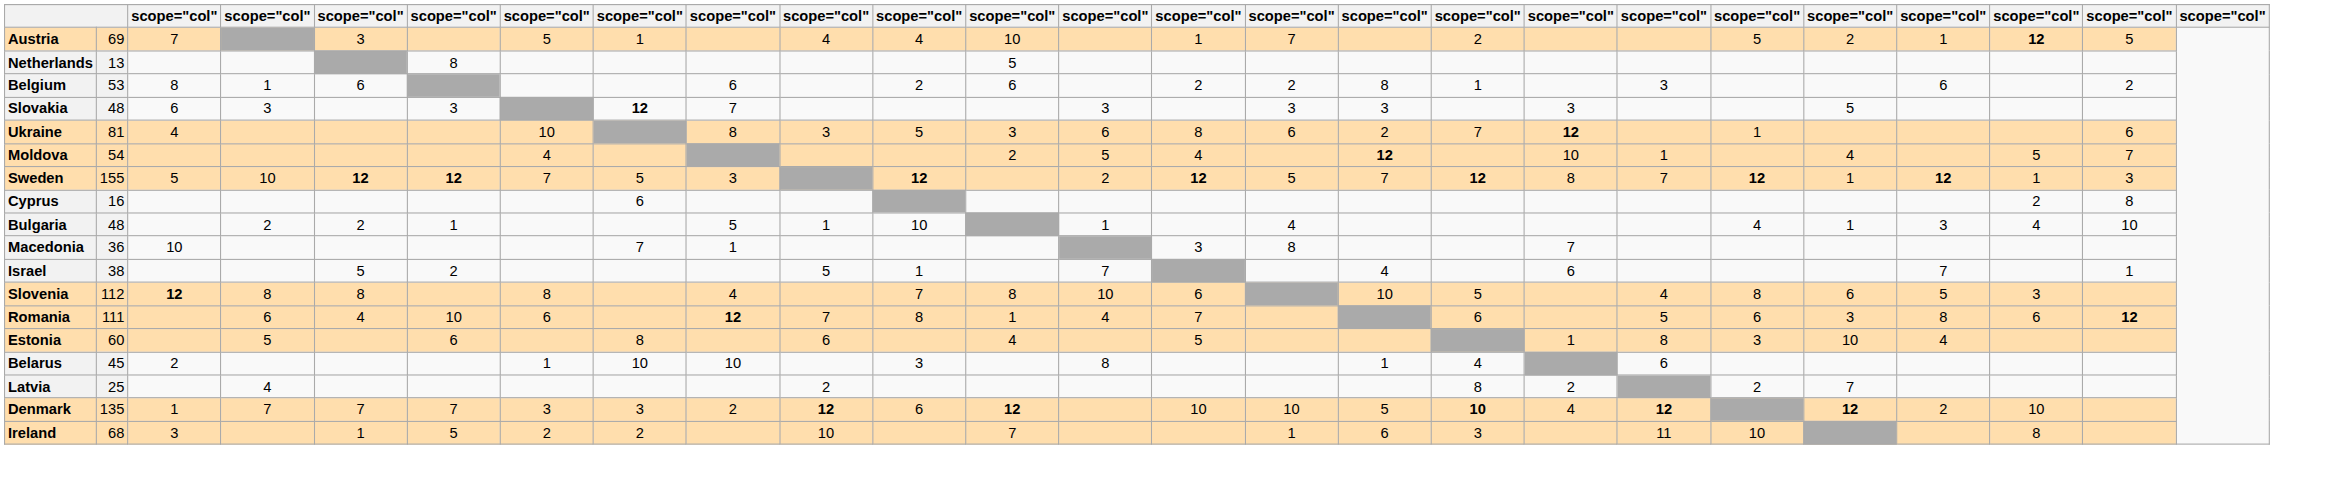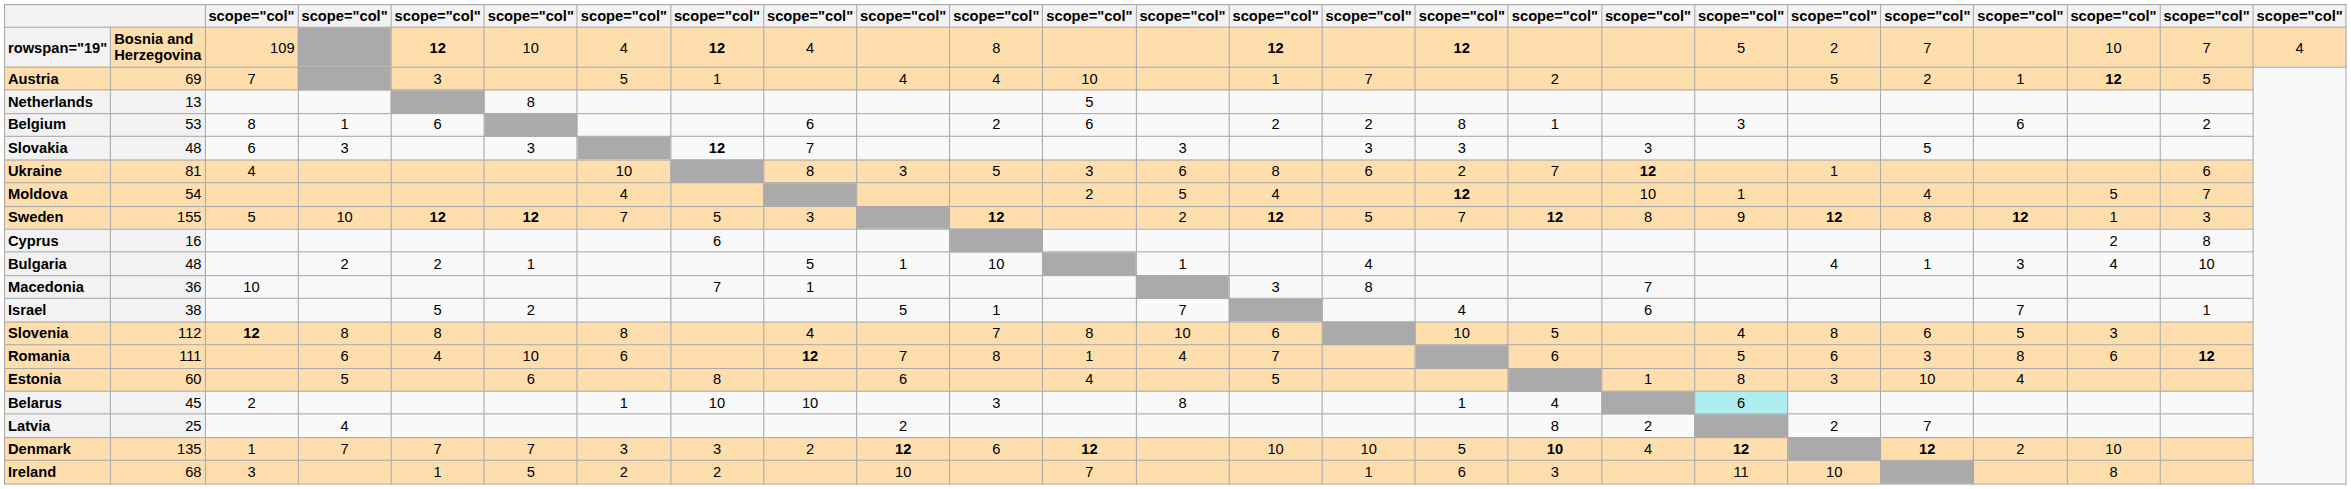 <table class="wikitable plainrowheaders" style="text-align:center; font-size:85%;">
 <tr>
 </tr>
 <tr>
 <th colspan="2"></th>
 <th>scope="col" </th>
 <th>scope="col" </th>
 <th>scope="col" </th>
 <th>scope="col" </th>
 <th>scope="col" </th>
 <th>scope="col" </th>
 <th>scope="col" </th>
 <th>scope="col" </th>
 <th>scope="col" </th>
 <th>scope="col" </th>
 <th>scope="col" </th>
 <th>scope="col" </th>
 <th>scope="col" </th>
 <th>scope="col" </th>
 <th>scope="col" </th>
 <th>scope="col" </th>
 <th>scope="col" </th>
 <th>scope="col" </th>
 <th>scope="col" </th>
 <th>scope="col" </th>
 <th>scope="col" </th>
 <th>scope="col" </th>
 <th>scope="col" </th>
+</tr>
+<tr style="background:#ffdead;">
+<th>rowspan="19" </th>
+<th scope="row" style="text-align:left; font-weight:bold; background:#ffdead;">Bosnia and Herzegovina</th>
+<td style="text-align:right;">109</td>
+<td style="text-align:left; background:#aaa;"></td>
+<td><strong>12</strong></td>
+<td>10</td>
+<td>4</td>
+<td><strong>12</strong></td>
+<td>4</td>
+<td></td>
+<td>8</td>
+<td></td>
+<td></td>
+<td><strong>12</strong></td>
+<td></td>
+<td><strong>12</strong></td>
+<td></td>
+<td></td>
+<td>5</td>
+<td>2</td>
+<td>7</td>
+<td></td>
+<td>10</td>
+<td>7</td>
+<td>4</td>
 </tr>
 <tr style="background:#ffdead;">
 <th scope="row" style="text-align:left; font-weight:bold; background:#ffdead;">Austria</th>
 <td style="text-align:right;">69</td>
 <td>7</td>
 <td style="text-align:left; background:#aaa;"></td>
 <td>3</td>
 <td></td>
 <td>5</td>
 <td>1</td>
 <td></td>
 <td>4</td>
 <td>4</td>
 <td>10</td>
 <td></td>
 <td>1</td>
 <td>7</td>
 <td></td>
 <td>2</td>
 <td></td>
 <td></td>
 <td>5</td>
 <td>2</td>
 <td>1</td>
 <td><strong>12</strong></td>
 <td>5</td>
 </tr>
 <tr>
 <th scope="row" style="text-align:left; background:#f2f2f2;">Netherlands</th>
 <td style="text-align:right; background:#f2f2f2;">13</td>
 <td></td>
 <td></td>
 <td style="text-align:left; background:#aaa;"></td>
 <td>8</td>
 <td></td>
 <td></td>
 <td></td>
 <td></td>
 <td></td>
 <td>5</td>
 <td></td>
 <td></td>
 <td></td>
 <td></td>
 <td></td>
 <td></td>
 <td></td>
 <td></td>
 <td></td>
 <td></td>
 <td></td>
 <td></td>
 </tr>
 <tr>
 <th scope="row" style="text-align:left; background:#f2f2f2;">Belgium</th>
 <td style="text-align:right; background:#f2f2f2;">53</td>
 <td>8</td>
 <td>1</td>
 <td>6</td>
 <td style="text-align:left; background:#aaa;"></td>
 <td></td>
 <td></td>
 <td>6</td>
 <td></td>
 <td>2</td>
 <td>6</td>
 <td></td>
 <td>2</td>
 <td>2</td>
 <td>8</td>
 <td>1</td>
 <td></td>
 <td>3</td>
 <td></td>
 <td></td>
 <td>6</td>
 <td></td>
 <td>2</td>
 </tr>
 <tr>
 <th scope="row" style="text-align:left; background:#f2f2f2;">Slovakia</th>
 <td style="text-align:right; background:#f2f2f2;">48</td>
 <td>6</td>
 <td>3</td>
 <td></td>
 <td>3</td>
 <td style="text-align:left; background:#aaa;"></td>
 <td><strong>12</strong></td>
 <td>7</td>
 <td></td>
 <td></td>
 <td></td>
 <td>3</td>
 <td></td>
 <td>3</td>
 <td>3</td>
 <td></td>
 <td>3</td>
 <td></td>
 <td></td>
 <td>5</td>
 <td></td>
 <td></td>
 <td></td>
 </tr>
 <tr style="background:#ffdead;">
 <th scope="row" style="text-align:left; font-weight:bold; background:#ffdead;">Ukraine</th>
 <td style="text-align:right;">81</td>
 <td>4</td>
 <td></td>
 <td></td>
 <td></td>
 <td>10</td>
 <td style="text-align:left; background:#aaa;"></td>
 <td>8</td>
 <td>3</td>
 <td>5</td>
 <td>3</td>
 <td>6</td>
 <td>8</td>
 <td>6</td>
 <td>2</td>
 <td>7</td>
 <td><strong>12</strong></td>
 <td></td>
 <td>1</td>
 <td></td>
 <td></td>
 <td></td>
 <td>6</td>
 </tr>
 <tr style="background:#ffdead;">
 <th scope="row" style="text-align:left; font-weight:bold; background:#ffdead;">Moldova</th>
 <td style="text-align:right;">54</td>
 <td></td>
 <td></td>
 <td></td>
 <td></td>
 <td>4</td>
 <td></td>
 <td style="text-align:left; background:#aaa;"></td>
 <td></td>
 <td></td>
 <td>2</td>
 <td>5</td>
 <td>4</td>
 <td></td>
 <td><strong>12</strong></td>
 <td></td>
 <td>10</td>
 <td>1</td>
 <td></td>
 <td>4</td>
 <td></td>
 <td>5</td>
 <td>7</td>
 </tr>
 <tr style="background:#ffdead;">
 <th scope="row" style="text-align:left; font-weight:bold; background:#ffdead;">Sweden</th>
 <td style="text-align:right;">155</td>
 <td>5</td>
 <td>10</td>
 <td><strong>12</strong></td>
 <td><strong>12</strong></td>
 <td>7</td>
 <td>5</td>
 <td>3</td>
 <td style="text-align:left; background:#aaa;"></td>
 <td><strong>12</strong></td>
 <td></td>
 <td>2</td>
 <td><strong>12</strong></td>
 <td>5</td>
 <td>7</td>
 <td><strong>12</strong></td>
 <td>8</td>
-<td>7</td>
+<td>9</td>
 <td><strong>12</strong></td>
-<td>1</td>
+<td>8</td>
 <td><strong>12</strong></td>
 <td>1</td>
 <td>3</td>
 </tr>
 <tr>
 <th scope="row" style="text-align:left; background:#f2f2f2;">Cyprus</th>
 <td style="text-align:right; background:#f2f2f2;">16</td>
 <td></td>
 <td></td>
 <td></td>
 <td></td>
 <td></td>
 <td>6</td>
 <td></td>
 <td></td>
 <td style="text-align:left; background:#aaa;"></td>
 <td></td>
 <td></td>
 <td></td>
 <td></td>
 <td></td>
 <td></td>
 <td></td>
 <td></td>
 <td></td>
 <td></td>
 <td></td>
 <td>2</td>
 <td>8</td>
 </tr>
 <tr>
 <th scope="row" style="text-align:left; background:#f2f2f2;">Bulgaria</th>
 <td style="text-align:right; background:#f2f2f2;">48</td>
 <td></td>
 <td>2</td>
 <td>2</td>
 <td>1</td>
 <td></td>
 <td></td>
 <td>5</td>
 <td>1</td>
 <td>10</td>
 <td style="text-align:left; background:#aaa;"></td>
 <td>1</td>
 <td></td>
 <td>4</td>
 <td></td>
 <td></td>
 <td></td>
 <td></td>
 <td>4</td>
 <td>1</td>
 <td>3</td>
 <td>4</td>
 <td>10</td>
 </tr>
 <tr>
 <th scope="row" style="text-align:left; background:#f2f2f2;">Macedonia</th>
 <td style="text-align:right; background:#f2f2f2;">36</td>
 <td>10</td>
 <td></td>
 <td></td>
 <td></td>
 <td></td>
 <td>7</td>
 <td>1</td>
 <td></td>
 <td></td>
 <td></td>
 <td style="text-align:left; background:#aaa;"></td>
 <td>3</td>
 <td>8</td>
 <td></td>
 <td></td>
 <td>7</td>
 <td></td>
 <td></td>
 <td></td>
 <td></td>
 <td></td>
 <td></td>
 </tr>
 <tr>
 <th scope="row" style="text-align:left; background:#f2f2f2;">Israel</th>
 <td style="text-align:right; background:#f2f2f2;">38</td>
 <td></td>
 <td></td>
 <td>5</td>
 <td>2</td>
 <td></td>
 <td></td>
 <td></td>
 <td>5</td>
 <td>1</td>
 <td></td>
 <td>7</td>
 <td style="text-align:left; background:#aaa;"></td>
 <td></td>
 <td>4</td>
 <td></td>
 <td>6</td>
 <td></td>
 <td></td>
 <td></td>
 <td>7</td>
 <td></td>
 <td>1</td>
 </tr>
 <tr style="background:#ffdead;">
 <th scope="row" style="text-align:left; font-weight:bold; background:#ffdead;">Slovenia</th>
 <td style="text-align:right;">112</td>
 <td><strong>12</strong></td>
 <td>8</td>
 <td>8</td>
 <td></td>
 <td>8</td>
 <td></td>
 <td>4</td>
 <td></td>
 <td>7</td>
 <td>8</td>
 <td>10</td>
 <td>6</td>
 <td style="text-align:left; background:#aaa;"></td>
 <td>10</td>
 <td>5</td>
 <td></td>
 <td>4</td>
 <td>8</td>
 <td>6</td>
 <td>5</td>
 <td>3</td>
 <td></td>
 </tr>
 <tr style="background:#ffdead;">
 <th scope="row" style="text-align:left; font-weight:bold; background:#ffdead;">Romania</th>
 <td style="text-align:right;">111</td>
 <td></td>
 <td>6</td>
 <td>4</td>
 <td>10</td>
 <td>6</td>
 <td></td>
 <td><strong>12</strong></td>
 <td>7</td>
 <td>8</td>
 <td>1</td>
 <td>4</td>
 <td>7</td>
 <td></td>
 <td style="text-align:left; background:#aaa;"></td>
 <td>6</td>
 <td></td>
 <td>5</td>
 <td>6</td>
 <td>3</td>
 <td>8</td>
 <td>6</td>
 <td><strong>12</strong></td>
 </tr>
 <tr style="background:#ffdead;">
 <th scope="row" style="text-align:left; font-weight:bold; background:#ffdead;">Estonia</th>
 <td style="text-align:right;">60</td>
 <td></td>
 <td>5</td>
 <td></td>
 <td>6</td>
 <td></td>
 <td>8</td>
 <td></td>
 <td>6</td>
 <td></td>
 <td>4</td>
 <td></td>
 <td>5</td>
 <td></td>
 <td></td>
 <td style="text-align:left; background:#aaa;"></td>
 <td>1</td>
 <td>8</td>
 <td>3</td>
 <td>10</td>
 <td>4</td>
 <td></td>
 <td></td>
 </tr>
 <tr>
 <th scope="row" style="text-align:left; background:#f2f2f2;">Belarus</th>
 <td style="text-align:right; background:#f2f2f2;">45</td>
 <td>2</td>
 <td></td>
 <td></td>
 <td></td>
 <td>1</td>
 <td>10</td>
 <td>10</td>
 <td></td>
 <td>3</td>
 <td></td>
 <td>8</td>
 <td></td>
 <td></td>
 <td>1</td>
 <td>4</td>
 <td style="text-align:left; background:#aaa;"></td>
-<td>6</td>
+<td style="background: paleturquoise;">6</td>
 <td></td>
 <td></td>
 <td></td>
 <td></td>
 <td></td>
 </tr>
 <tr>
 <th scope="row" style="text-align:left; background:#f2f2f2;">Latvia</th>
 <td style="text-align:right; background:#f2f2f2;">25</td>
 <td></td>
 <td>4</td>
 <td></td>
 <td></td>
 <td></td>
 <td></td>
 <td></td>
 <td>2</td>
 <td></td>
 <td></td>
 <td></td>
 <td></td>
 <td></td>
 <td></td>
 <td>8</td>
 <td>2</td>
 <td style="text-align:left; background:#aaa;"></td>
 <td>2</td>
 <td>7</td>
 <td></td>
 <td></td>
 <td></td>
 </tr>
 <tr style="background:#ffdead;">
 <th scope="row" style="text-align:left; font-weight:bold; background:#ffdead;">Denmark</th>
 <td style="text-align:right;">135</td>
 <td>1</td>
 <td>7</td>
 <td>7</td>
 <td>7</td>
 <td>3</td>
 <td>3</td>
 <td>2</td>
 <td><strong>12</strong></td>
 <td>6</td>
 <td><strong>12</strong></td>
 <td></td>
 <td>10</td>
 <td>10</td>
 <td>5</td>
 <td><strong>10</strong></td>
 <td>4</td>
 <td><strong>12</strong></td>
 <td style="text-align:left; background:#aaa;"></td>
 <td><strong>12</strong></td>
 <td>2</td>
 <td>10</td>
 <td></td>
 </tr>
 <tr style="background:#ffdead;">
 <th scope="row" style="text-align:left; font-weight:bold; background:#ffdead;">Ireland</th>
 <td style="text-align:right;">68</td>
 <td>3</td>
 <td></td>
 <td>1</td>
 <td>5</td>
 <td>2</td>
 <td>2</td>
 <td></td>
 <td>10</td>
 <td></td>
 <td>7</td>
 <td></td>
 <td></td>
 <td>1</td>
 <td>6</td>
 <td>3</td>
 <td></td>
 <td>11</td>
 <td>10</td>
 <td style="text-align:left; background:#aaa;"></td>
 <td></td>
 <td>8</td>
 <td></td>
 </tr>
 </table>
